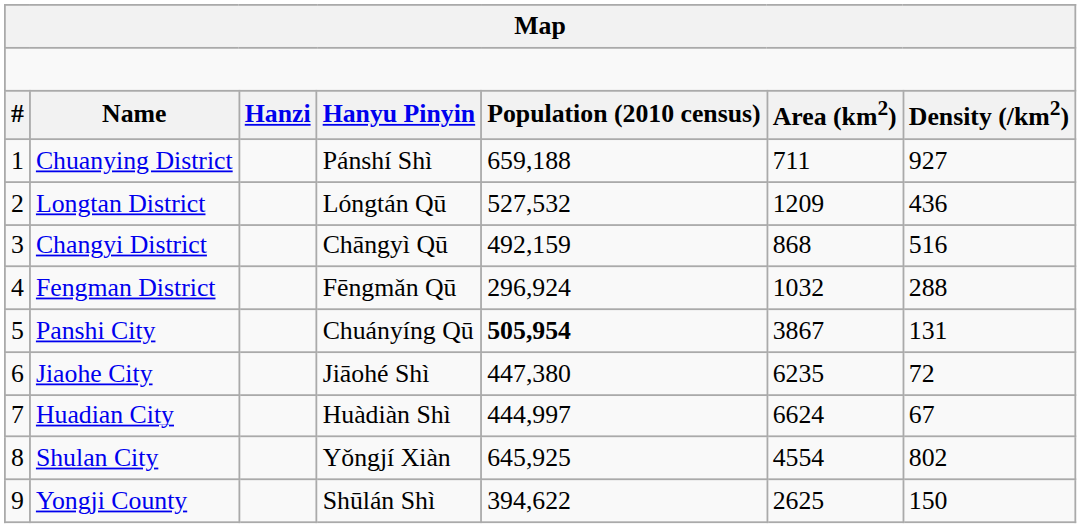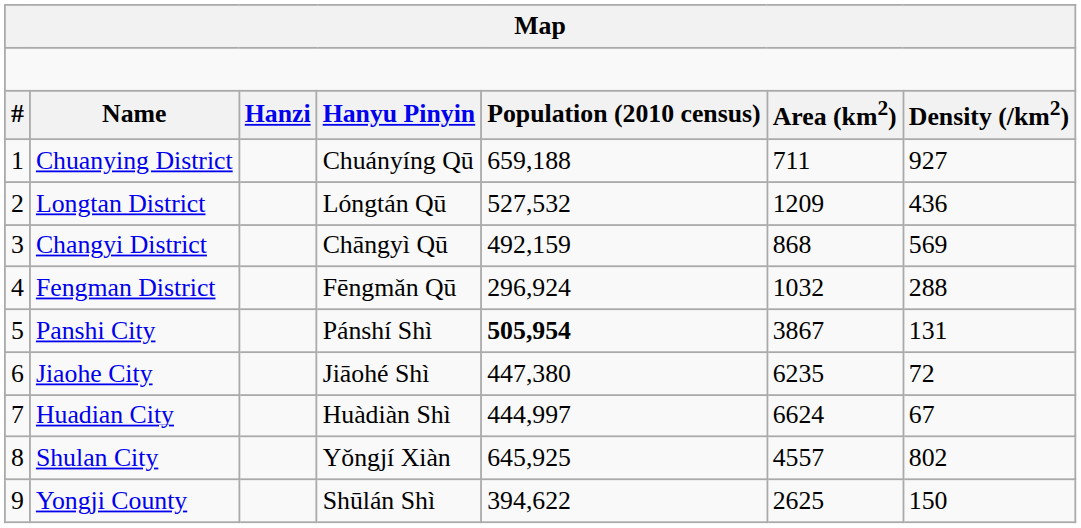 <table class="wikitable"  style="font-size:90%;" align=center>
 <tr>
 <th colspan="7" align="center">Map</th>
 </tr>
 <tr>
 <td colspan="7" align="center"><div><br>            </div></td>
 </tr>
 <tr>
 <th>#</th>
 <th>Name</th>
 <th><a href='#'>Hanzi</a></th>
 <th><a href='#'>Hanyu Pinyin</a></th>
 <th>Population (2010 census)</th>
 <th>Area (km<sup>2</sup>)</th>
 <th>Density (/km<sup>2</sup>)</th>
 </tr>
 <tr --------->
 <td>1</td>
 <td><a href='#'>Chuanying District</a></td>
 <td></td>
-<td>Pánshí Shì</td>
+<td>Chuányíng Qū</td>
 <td>659,188</td>
 <td>711</td>
 <td>927</td>
 </tr>
 <tr --------->
 <td>2</td>
 <td><a href='#'>Longtan District</a></td>
 <td></td>
 <td>Lóngtán Qū</td>
 <td>527,532</td>
 <td>1209</td>
 <td>436</td>
 </tr>
 <tr --------->
 <td>3</td>
 <td><a href='#'>Changyi District</a></td>
 <td></td>
 <td>Chāngyì Qū</td>
 <td>492,159</td>
 <td>868</td>
-<td>516</td>
+<td>569</td>
 </tr>
 <tr --------->
 <td>4</td>
 <td><a href='#'>Fengman District</a></td>
 <td></td>
 <td>Fēngmǎn Qū</td>
 <td>296,924</td>
 <td>1032</td>
 <td>288</td>
 </tr>
 <tr --------->
 <td>5</td>
 <td><a href='#'>Panshi City</a></td>
 <td></td>
-<td>Chuányíng Qū</td>
+<td>Pánshí Shì</td>
 <td><strong>505,954</strong></td>
 <td>3867</td>
 <td>131</td>
 </tr>
 <tr --------->
 <td>6</td>
 <td><a href='#'>Jiaohe City</a></td>
 <td></td>
 <td>Jiāohé Shì</td>
 <td>447,380</td>
 <td>6235</td>
 <td>72</td>
 </tr>
 <tr --------->
 <td>7</td>
 <td><a href='#'>Huadian City</a></td>
 <td></td>
 <td>Huàdiàn Shì</td>
 <td>444,997</td>
 <td>6624</td>
 <td>67</td>
 </tr>
 <tr --------->
 <td>8</td>
 <td><a href='#'>Shulan City</a></td>
 <td></td>
 <td>Yǒngjí Xiàn</td>
 <td>645,925</td>
-<td>4554</td>
+<td>4557</td>
 <td>802</td>
 </tr>
 <tr --------->
 <td>9</td>
 <td><a href='#'>Yongji County</a></td>
 <td></td>
 <td>Shūlán Shì</td>
 <td>394,622</td>
 <td>2625</td>
 <td>150</td>
 </tr>
 </table>
